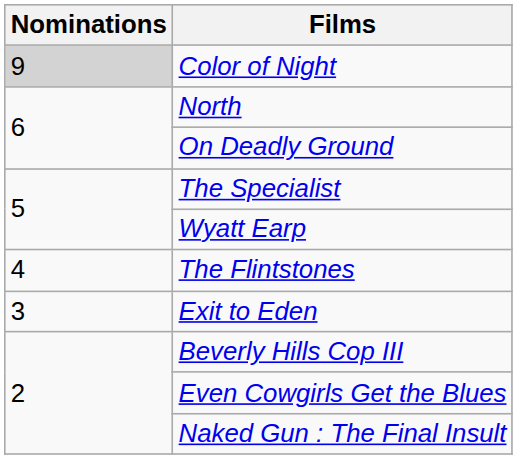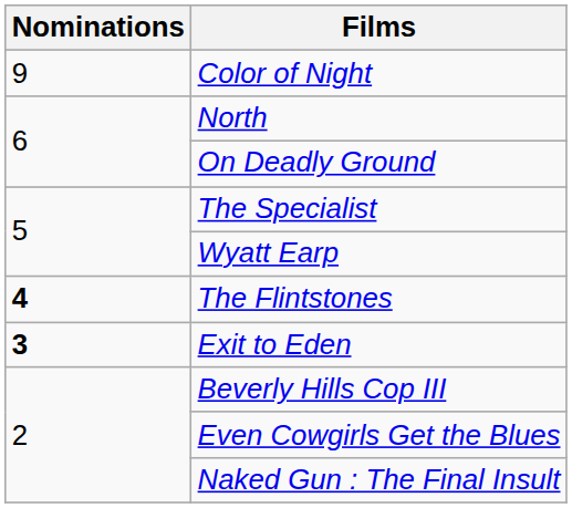 <table class="wikitable">
 <tr>
 <th>Nominations</th>
 <th>Films</th>
 </tr>
 <tr>
-<td style="background: lightgrey;">9</td>
+<td>9</td>
 <td><em><a href='#'>Color of Night</a></em></td>
 </tr>
 <tr>
 <td rowspan="2">6</td>
 <td><a href='#'><em>North</em></a></td>
 </tr>
 <tr>
 <td><em><a href='#'>On Deadly Ground</a></em></td>
 </tr>
 <tr>
 <td rowspan="2">5</td>
 <td><em><a href='#'>The Specialist</a></em></td>
 </tr>
 <tr>
 <td><a href='#'><em>Wyatt Earp</em></a></td>
 </tr>
 <tr>
-<td>4</td>
+<td><strong>4</strong></td>
 <td><a href='#'><em>The Flintstones</em></a></td>
 </tr>
 <tr>
-<td>3</td>
+<td><strong>3</strong></td>
 <td><a href='#'><em>Exit to Eden</em></a></td>
 </tr>
 <tr>
 <td rowspan="3">2</td>
 <td><em><a href='#'>Beverly Hills Cop III</a></em></td>
 </tr>
 <tr>
 <td><a href='#'><em>Even Cowgirls Get the Blues</em></a></td>
 </tr>
 <tr>
 <td><em><a href='#'>Naked Gun : The Final Insult</a></em></td>
 </tr>
 </table>
